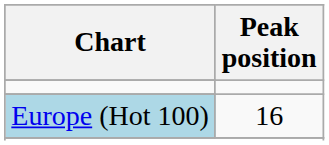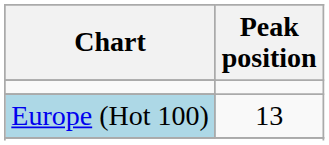 <table class="wikitable sortable">
 <tr>
 <th>Chart</th>
 <th>Peak<br>position</th>
 </tr>
 <tr>
 </tr>
 <tr>
 </tr>
 <tr>
 </tr>
 <tr>
 </tr>
 <tr>
 <td></td>
 </tr>
 <tr>
 </tr>
 <tr>
 <td align="left" style="background: lightblue;"><a href='#'>Europe</a> (Hot 100)</td>
-<td style="text-align:center;">16</td>
+<td style="text-align:center;">13</td>
 </tr>
 <tr>
 </tr>
 <tr>
 </tr>
 <tr>
 </tr>
 <tr>
 </tr>
 <tr>
 </tr>
 <tr>
 </tr>
 <tr>
 </tr>
 <tr>
 </tr>
 <tr>
 </tr>
 <tr>
 </tr>
 <tr>
 </tr>
 <tr>
 </tr>
 </table>
